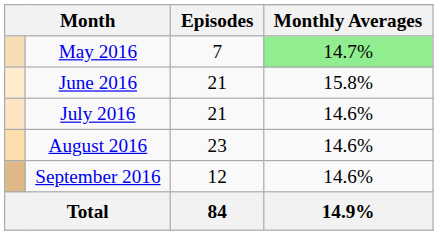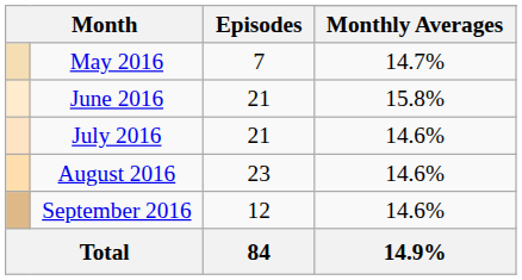 <table class="wikitable plainrowheaders" style="text-align: center; line-height:25px;">
 <tr class="wikitable" style="text-align: center;">
 <th colspan="2" rowspan="2" style="padding: 0 8px;">Month</th>
 <th rowspan="2" style="padding: 0 8px;">Episodes</th>
 </tr>
 <tr>
 <th style="padding: 0 8px;">Monthly Averages</th>
 </tr>
 <tr>
 <td style="padding: 0 8px; background:#F5DEB3;"></td>
 <td style="padding: 0 8px;" '><a href='#'>May 2016</a></td>
 <td style="padding: 0 8px;">7</td>
-<td style="background: lightgreen; padding: 0 8px;">14.7%</td>
+<td style="padding: 0 8px;">14.7%</td>
 </tr>
 <tr>
 <td style="padding: 0 8px; background:#FFEBCD;"></td>
 <td style="padding: 0 8px;" '><a href='#'>June 2016</a></td>
 <td style="padding: 0 8px;">21</td>
 <td style="padding: 0 8px;">15.8%</td>
 </tr>
 <tr>
 <td style="padding: 0 8px; background:#FFE4C4;"></td>
 <td style="padding: 0 8px;" '><a href='#'>July 2016</a></td>
 <td style="padding: 0 8px;">21</td>
 <td style="padding: 0 8px;">14.6%</td>
 </tr>
 <tr>
 <td style="padding: 0 8px; background:#FFDEAD;"></td>
 <td style="padding: 0 8px;" '><a href='#'>August 2016</a></td>
 <td style="padding: 0 8px;">23</td>
 <td style="padding: 0 8px;">14.6%</td>
 </tr>
 <tr>
 <td style="padding: 0 8px; background:#DEB887;"></td>
 <td style="padding: 0 8px;" '><a href='#'>September 2016</a></td>
 <td style="padding: 0 8px;">12</td>
 <td style="padding: 0 8px;">14.6%</td>
 </tr>
 <tr>
 <th colspan="2">Total</th>
 <th colspan="1">84</th>
 <th colspan="2">14.9%</th>
 </tr>
 </table>
